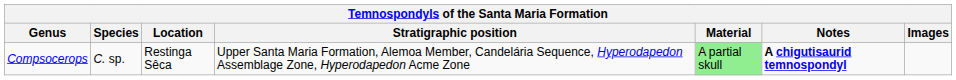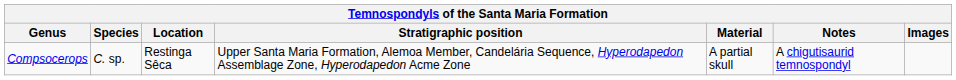 <table class="wikitable" style="margin:auto;">
 <tr>
 <th colspan="7" style="text-align:center;"><a href='#'>Temnospondyls</a> of the Santa Maria Formation</th>
 </tr>
 <tr>
 <th>Genus</th>
 <th>Species</th>
 <th>Location</th>
 <th>Stratigraphic position</th>
 <th>Material</th>
 <th>Notes</th>
 <th>Images</th>
 </tr>
 <tr>
 <td><em><a href='#'>Compsocerops</a></em></td>
 <td><em>C.</em> sp.</td>
 <td>Restinga Sêca</td>
 <td>Upper Santa Maria Formation, Alemoa Member, Candelária Sequence, <em><a href='#'>Hyperodapedon</a></em> Assemblage Zone, <em>Hyperodapedon</em> Acme Zone</td>
-<td style="background: lightgreen;">A partial skull</td>
-<td><strong>A <a href='#'>chigutisaurid</a> <a href='#'>temnospondyl</a></strong></td>
+<td>A partial skull</td>
+<td>A <a href='#'>chigutisaurid</a> <a href='#'>temnospondyl</a></td>
 <td></td>
 </tr>
 </table>
